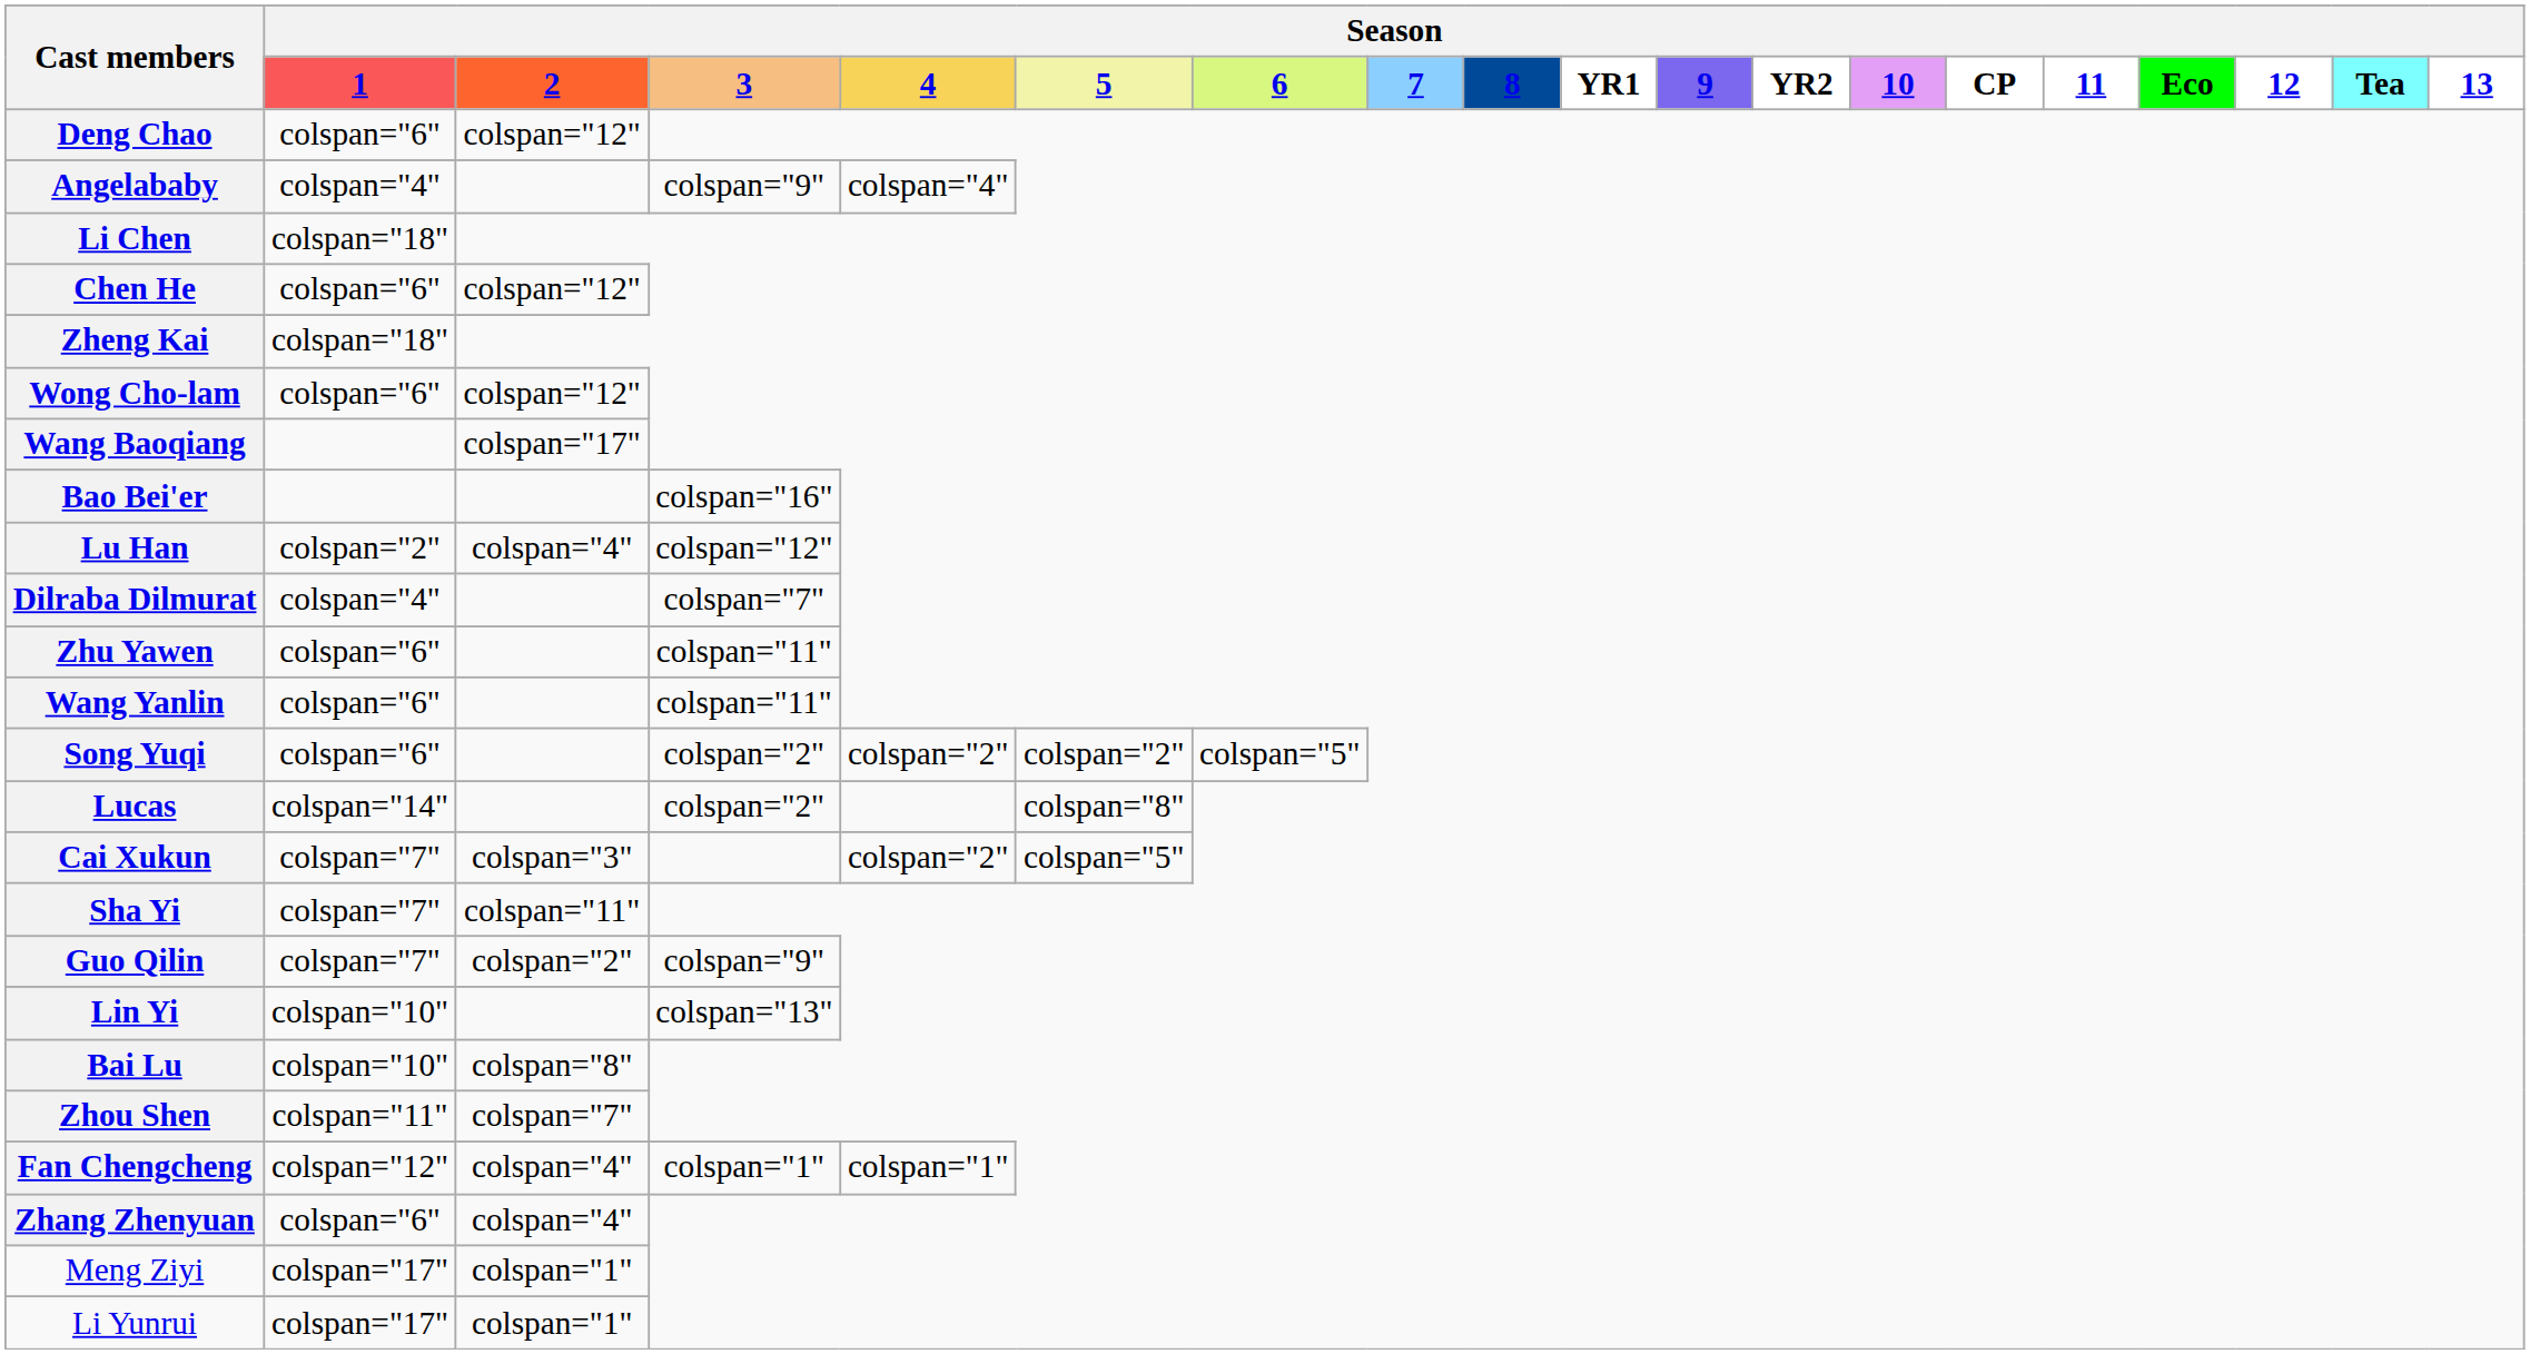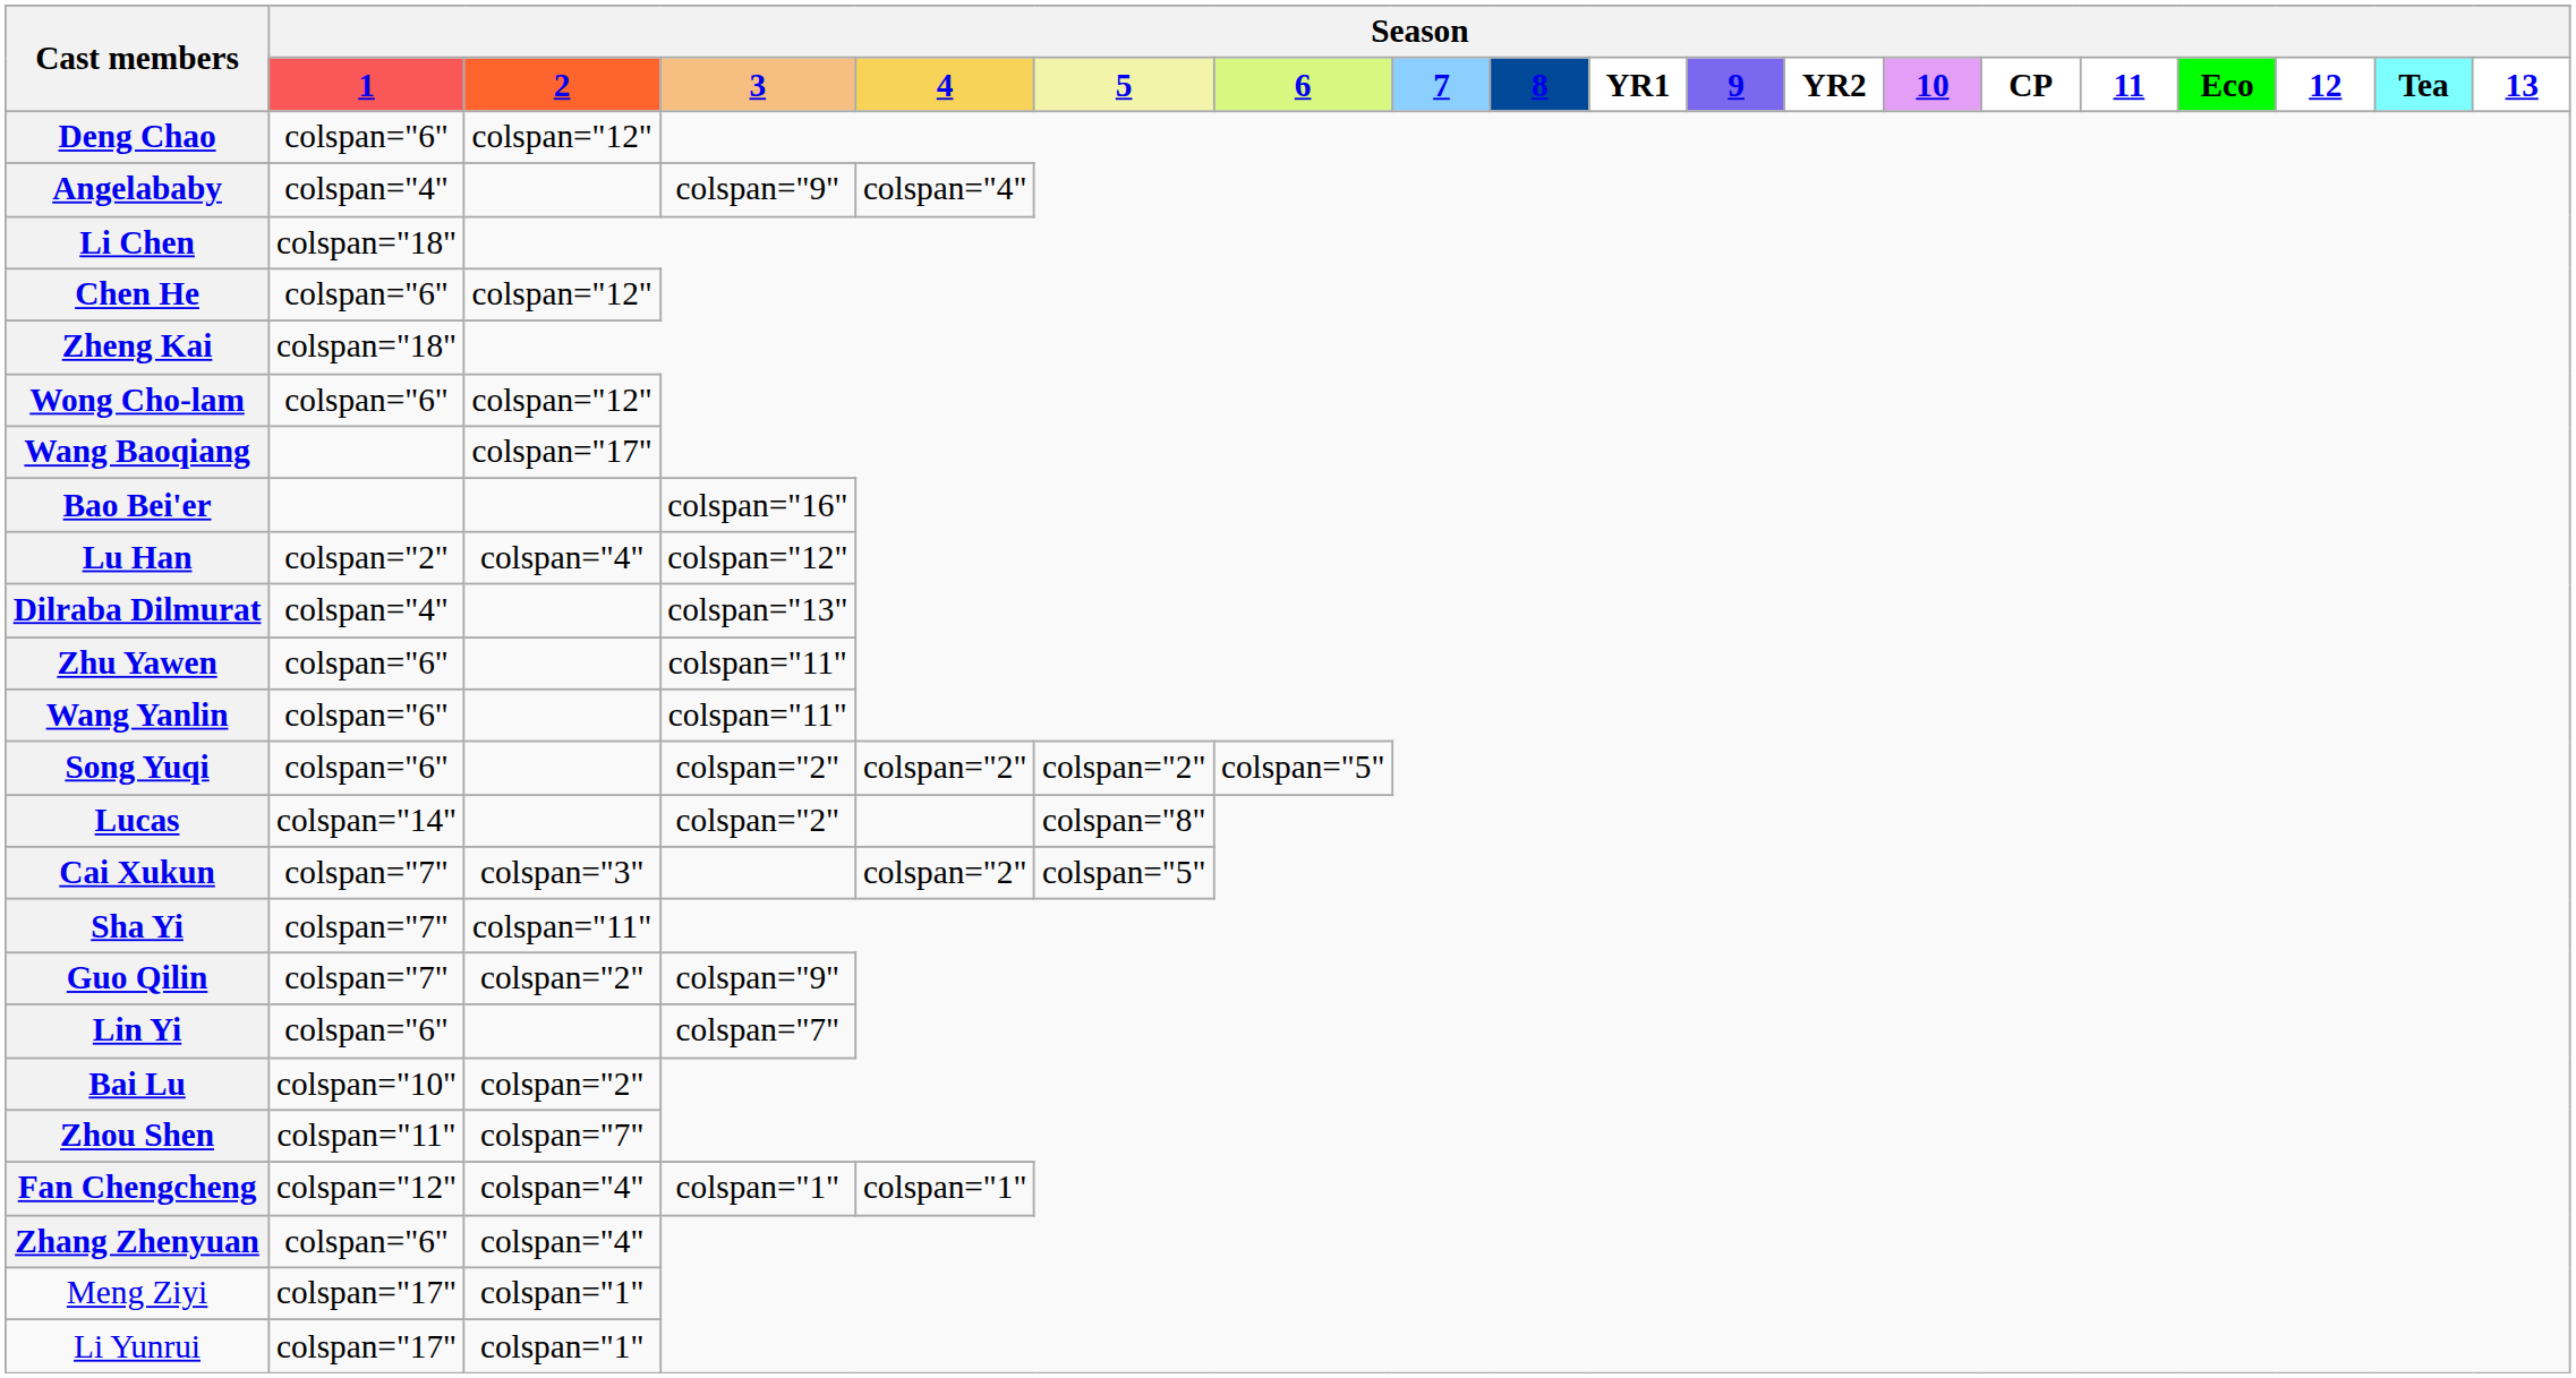 <table class="wikitable plainrowheaders" style="text-align:center">
 <tr>
 <th rowspan="2" scope="col">Cast members</th>
 <th colspan="18" scope="col">Season</th>
 </tr>
 <tr>
 <th scope="col" style="background:#FA5858; width:2.5em"><a href='#'><span>1</span></a></th>
 <th scope="col" style="background:#FE642E; width:2.5em"><a href='#'><span>2</span></a></th>
 <th scope="col" style="background:#F7BE81; width:2.5em"><a href='#'>3</a></th>
 <th scope="col" style="background:#F7D358; width:2.5em"><a href='#'>4</a></th>
 <th scope="col" style="background:#F2F5A9; width:2.5em"><a href='#'>5</a></th>
 <th scope="col" style="background:#D8F781; width:2.5em"><a href='#'>6</a></th>
 <th scope="col" style="background:#8BCFFF; width:2.5em"><a href='#'>7</a></th>
 <th scope="col" style="background:#004999; width:2.5em"><a href='#'>8</a></th>
 <th scope="col" style="background:white; width:2.5em">YR1</th>
 <th scope="col" style="background:#7B68EE; width:2.5em"><a href='#'>9</a></th>
 <th scope="col" style="background:white; width:2.5em">YR2</th>
 <th scope="col" style="background:#E39FF6; width:2.5em"><a href='#'>10</a></th>
 <th scope="col" style="background:white; width:2.5em">CP</th>
 <th scope="col" style="background:white; width:2.5em"><a href='#'>11</a></th>
 <th scope="col" style="background:#00FF00; width:2.5em">Eco</th>
 <th scope="col" style="background:white; width:2.5em"><a href='#'>12</a></th>
 <th scope="col" style="background:#7DFFFF; width:2.5em">Tea</th>
 <th scope="col" style="background:white; width:2.5em"><a href='#'>13</a></th>
 </tr>
 <tr>
 <th scope="row"><a href='#'>Deng Chao</a></th>
 <td>colspan="6" </td>
 <td>colspan="12" </td>
 </tr>
 <tr>
 <th scope="row"><a href='#'>Angelababy</a></th>
 <td>colspan="4" </td>
 <td></td>
 <td>colspan="9" </td>
 <td>colspan="4" </td>
 </tr>
 <tr>
 <th scope="row"><a href='#'>Li Chen</a></th>
 <td>colspan="18" </td>
 </tr>
 <tr>
 <th scope="row"><a href='#'>Chen He</a></th>
 <td>colspan="6" </td>
 <td>colspan="12" </td>
 </tr>
 <tr>
 <th scope="row"><a href='#'>Zheng Kai</a></th>
 <td>colspan="18" </td>
 </tr>
 <tr>
 <th scope="row"><a href='#'>Wong Cho-lam</a></th>
 <td>colspan="6" </td>
 <td>colspan="12" </td>
 </tr>
 <tr>
 <th scope="row"><a href='#'>Wang Baoqiang</a></th>
 <td></td>
 <td>colspan="17" </td>
 </tr>
 <tr>
 <th scope="row"><a href='#'>Bao Bei'er</a></th>
 <td></td>
 <td></td>
 <td>colspan="16" </td>
 </tr>
 <tr>
 <th scope="row"><a href='#'>Lu Han</a></th>
 <td>colspan="2" </td>
 <td>colspan="4" </td>
 <td>colspan="12" </td>
 </tr>
 <tr>
 <th scope="row"><a href='#'>Dilraba Dilmurat</a></th>
 <td>colspan="4" </td>
 <td></td>
-<td>colspan="7" </td>
+<td>colspan="13" </td>
 </tr>
 <tr>
 <th scope="row"><a href='#'>Zhu Yawen</a></th>
 <td>colspan="6" </td>
 <td></td>
 <td>colspan="11" </td>
 </tr>
 <tr>
 <th scope="row"><a href='#'>Wang Yanlin</a></th>
 <td>colspan="6" </td>
 <td></td>
 <td>colspan="11" </td>
 </tr>
 <tr>
 <th scope="row"><a href='#'>Song Yuqi</a></th>
 <td>colspan="6" </td>
 <td></td>
 <td>colspan="2" </td>
 <td>colspan="2" </td>
 <td>colspan="2" </td>
 <td>colspan="5" </td>
 </tr>
 <tr>
 <th scope="row"><a href='#'>Lucas</a></th>
 <td>colspan="14" </td>
 <td></td>
 <td>colspan="2" </td>
 <td></td>
 <td>colspan="8" </td>
 </tr>
 <tr>
 <th scope="row"><a href='#'>Cai Xukun</a></th>
 <td>colspan="7" </td>
 <td>colspan="3" </td>
 <td></td>
 <td>colspan="2" </td>
 <td>colspan="5" </td>
 </tr>
 <tr>
 <th scope="row"><a href='#'>Sha Yi</a></th>
 <td>colspan="7" </td>
 <td>colspan="11" </td>
 </tr>
 <tr>
 <th scope="row"><a href='#'>Guo Qilin</a></th>
 <td>colspan="7" </td>
 <td>colspan="2" </td>
 <td>colspan="9" </td>
 </tr>
 <tr>
 <th scope="row"><a href='#'>Lin Yi</a></th>
-<td>colspan="10" </td>
+<td>colspan="6" </td>
 <td></td>
-<td>colspan="13" </td>
+<td>colspan="7" </td>
 </tr>
 <tr>
 <th scope="row"><a href='#'>Bai Lu</a></th>
 <td>colspan="10" </td>
-<td>colspan="8" </td>
+<td>colspan="2" </td>
 </tr>
 <tr>
 <th scope="row"><a href='#'>Zhou Shen</a></th>
 <td>colspan="11" </td>
 <td>colspan="7" </td>
 </tr>
 <tr>
 <th scope="row"><a href='#'>Fan Chengcheng</a></th>
 <td>colspan="12" </td>
 <td>colspan="4" </td>
 <td>colspan="1" </td>
 <td>colspan="1" </td>
 </tr>
 <tr>
 <th scope="row"><a href='#'>Zhang Zhenyuan</a></th>
 <td>colspan="6" </td>
 <td>colspan="4" </td>
 </tr>
 <tr>
 <td ! scope="row"><a href='#'>Meng Ziyi</a></td>
 <td>colspan="17" </td>
 <td>colspan="1" </td>
 </tr>
 <tr>
 <td ! scope="row"><a href='#'>Li Yunrui</a></td>
 <td>colspan="17" </td>
 <td>colspan="1" </td>
 </tr>
 </table>
